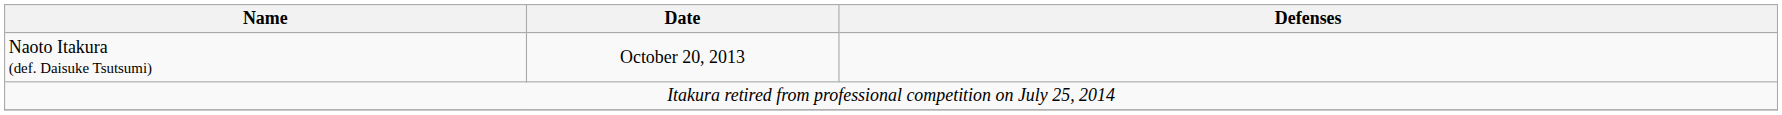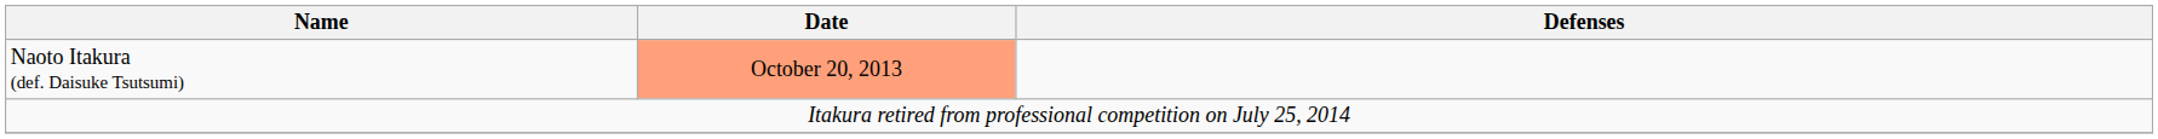 <table class="wikitable" width=100%>
 <tr>
 <th width=25%>Name</th>
 <th width=15%>Date</th>
 <th width=45%>Defenses</th>
 </tr>
 <tr>
 <td align=left> Naoto Itakura <br><small>(def. Daisuke Tsutsumi)</small></td>
-<td align=center>October 20, 2013</td>
+<td align=center style="background: lightsalmon;">October 20, 2013</td>
 </tr>
 <tr>
 <td colspan=3 align=center><em>Itakura retired from professional competition on July 25, 2014</em></td>
 </tr>
 <tr>
 </tr>
 </table>
